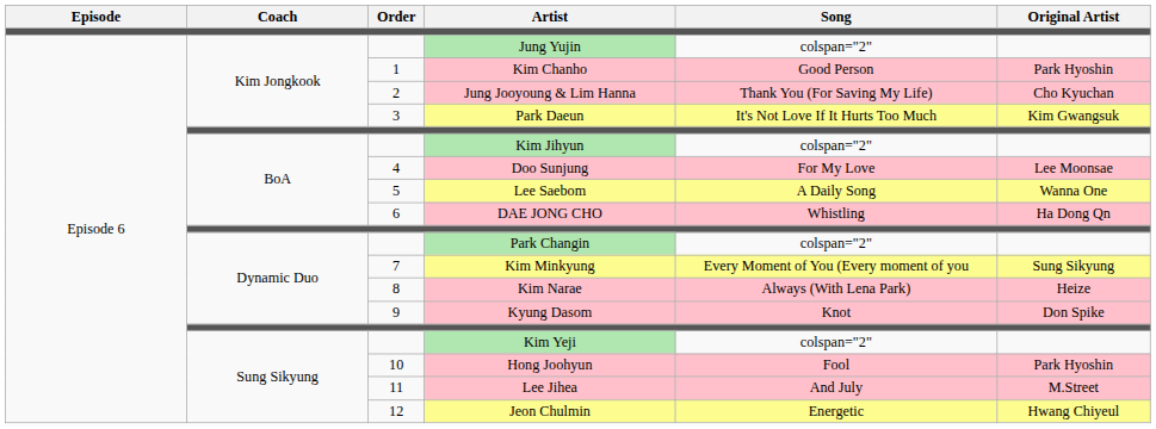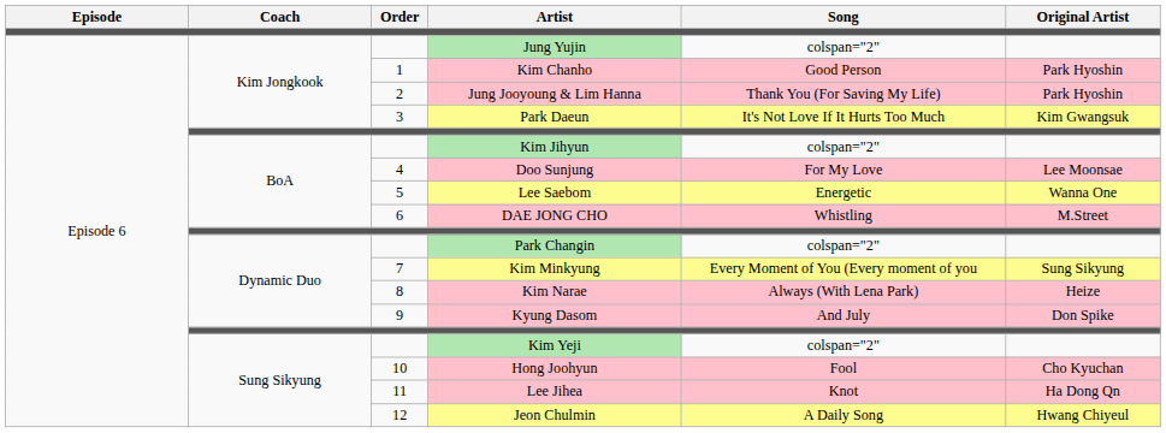 <table class="wikitable" style="text-align: center; width:100%;">
 <tr>
 <th style="width:13%;">Episode</th>
 <th style="width:13%;">Coach</th>
 <th style="width:04%;">Order</th>
 <th style="width:18%;">Artist</th>
 <th style="width:23%;">Song</th>
 <th style="width:11%;">Original Artist</th>
 </tr>
 <tr>
 <td colspan="6" style="background:#555;"></td>
 </tr>
 <tr>
 <td rowspan="19">Episode 6<br><small></small></td>
 <td rowspan="4">Kim Jongkook</td>
 <td></td>
 <td style="background:#b0e6b0;">Jung Yujin</td>
 <td>colspan="2" </td>
 </tr>
 <tr>
 <td>1</td>
 <td style="background:pink;">Kim Chanho</td>
 <td style="background:pink;">Good Person</td>
 <td style="background:pink;">Park Hyoshin</td>
 </tr>
 <tr>
 <td>2</td>
 <td style="background:pink;">Jung Jooyoung & Lim Hanna</td>
 <td style="background:pink;">Thank You (For Saving My Life)</td>
-<td style="background:pink;">Cho Kyuchan</td>
+<td style="background:pink;">Park Hyoshin</td>
 </tr>
 <tr>
 <td>3</td>
 <td style="background:#fdfc8f;">Park Daeun</td>
 <td style="background:#fdfc8f;">It's Not Love If It Hurts Too Much</td>
 <td style="background:#fdfc8f;">Kim Gwangsuk</td>
 </tr>
 <tr>
 <td colspan="5" style="background:#555;"></td>
 </tr>
 <tr>
 <td rowspan="4">BoA</td>
 <td></td>
 <td style="background:#b0e6b0;">Kim Jihyun</td>
 <td>colspan="2" </td>
 </tr>
 <tr>
 <td>4</td>
 <td style="background:pink;">Doo Sunjung</td>
 <td style="background:pink;">For My Love</td>
 <td style="background:pink;">Lee Moonsae</td>
 </tr>
 <tr>
 <td>5</td>
 <td style="background:#fdfc8f;">Lee Saebom</td>
-<td style="background:#fdfc8f;">A Daily Song</td>
+<td style="background:#fdfc8f;">Energetic</td>
 <td style="background:#fdfc8f;">Wanna One</td>
 </tr>
 <tr>
 <td>6</td>
 <td style="background:pink;">DAE JONG CHO</td>
 <td style="background:pink;">Whistling</td>
-<td style="background:pink;">Ha Dong Qn</td>
+<td style="background:pink;">M.Street</td>
 </tr>
 <tr>
 <td colspan="5" style="background:#555;"></td>
 </tr>
 <tr>
 <td rowspan="4">Dynamic Duo</td>
 <td></td>
 <td style="background:#b0e6b0;">Park Changin</td>
 <td>colspan="2" </td>
 </tr>
 <tr>
 <td>7</td>
 <td style="background:#fdfc8f;">Kim Minkyung</td>
 <td style="background:#fdfc8f;">Every Moment of You (Every moment of you</td>
 <td style="background:#fdfc8f;">Sung Sikyung</td>
 </tr>
 <tr>
 <td>8</td>
 <td style="background:pink;">Kim Narae</td>
 <td style="background:pink;">Always (With Lena Park)</td>
 <td style="background:pink;">Heize</td>
 </tr>
 <tr>
 <td>9</td>
 <td style="background:pink;">Kyung Dasom</td>
-<td style="background:pink;">Knot</td>
+<td style="background:pink;">And July</td>
 <td style="background:pink;">Don Spike</td>
 </tr>
 <tr>
 <td colspan="5" style="background:#555;"></td>
 </tr>
 <tr>
 <td rowspan="4">Sung Sikyung</td>
 <td></td>
 <td style="background:#b0e6b0;">Kim Yeji</td>
 <td>colspan="2" </td>
 </tr>
 <tr>
 <td>10</td>
 <td style="background:pink;">Hong Joohyun</td>
 <td style="background:pink;">Fool</td>
-<td style="background:pink;">Park Hyoshin</td>
+<td style="background:pink;">Cho Kyuchan</td>
 </tr>
 <tr>
 <td>11</td>
 <td style="background:pink;">Lee Jihea</td>
-<td style="background:pink;">And July</td>
-<td style="background:pink;">M.Street</td>
+<td style="background:pink;">Knot</td>
+<td style="background:pink;">Ha Dong Qn</td>
 </tr>
 <tr>
 <td>12</td>
 <td style="background:#fdfc8f;">Jeon Chulmin</td>
-<td style="background:#fdfc8f;">Energetic</td>
+<td style="background:#fdfc8f;">A Daily Song</td>
 <td style="background:#fdfc8f;">Hwang Chiyeul</td>
 </tr>
 </table>
